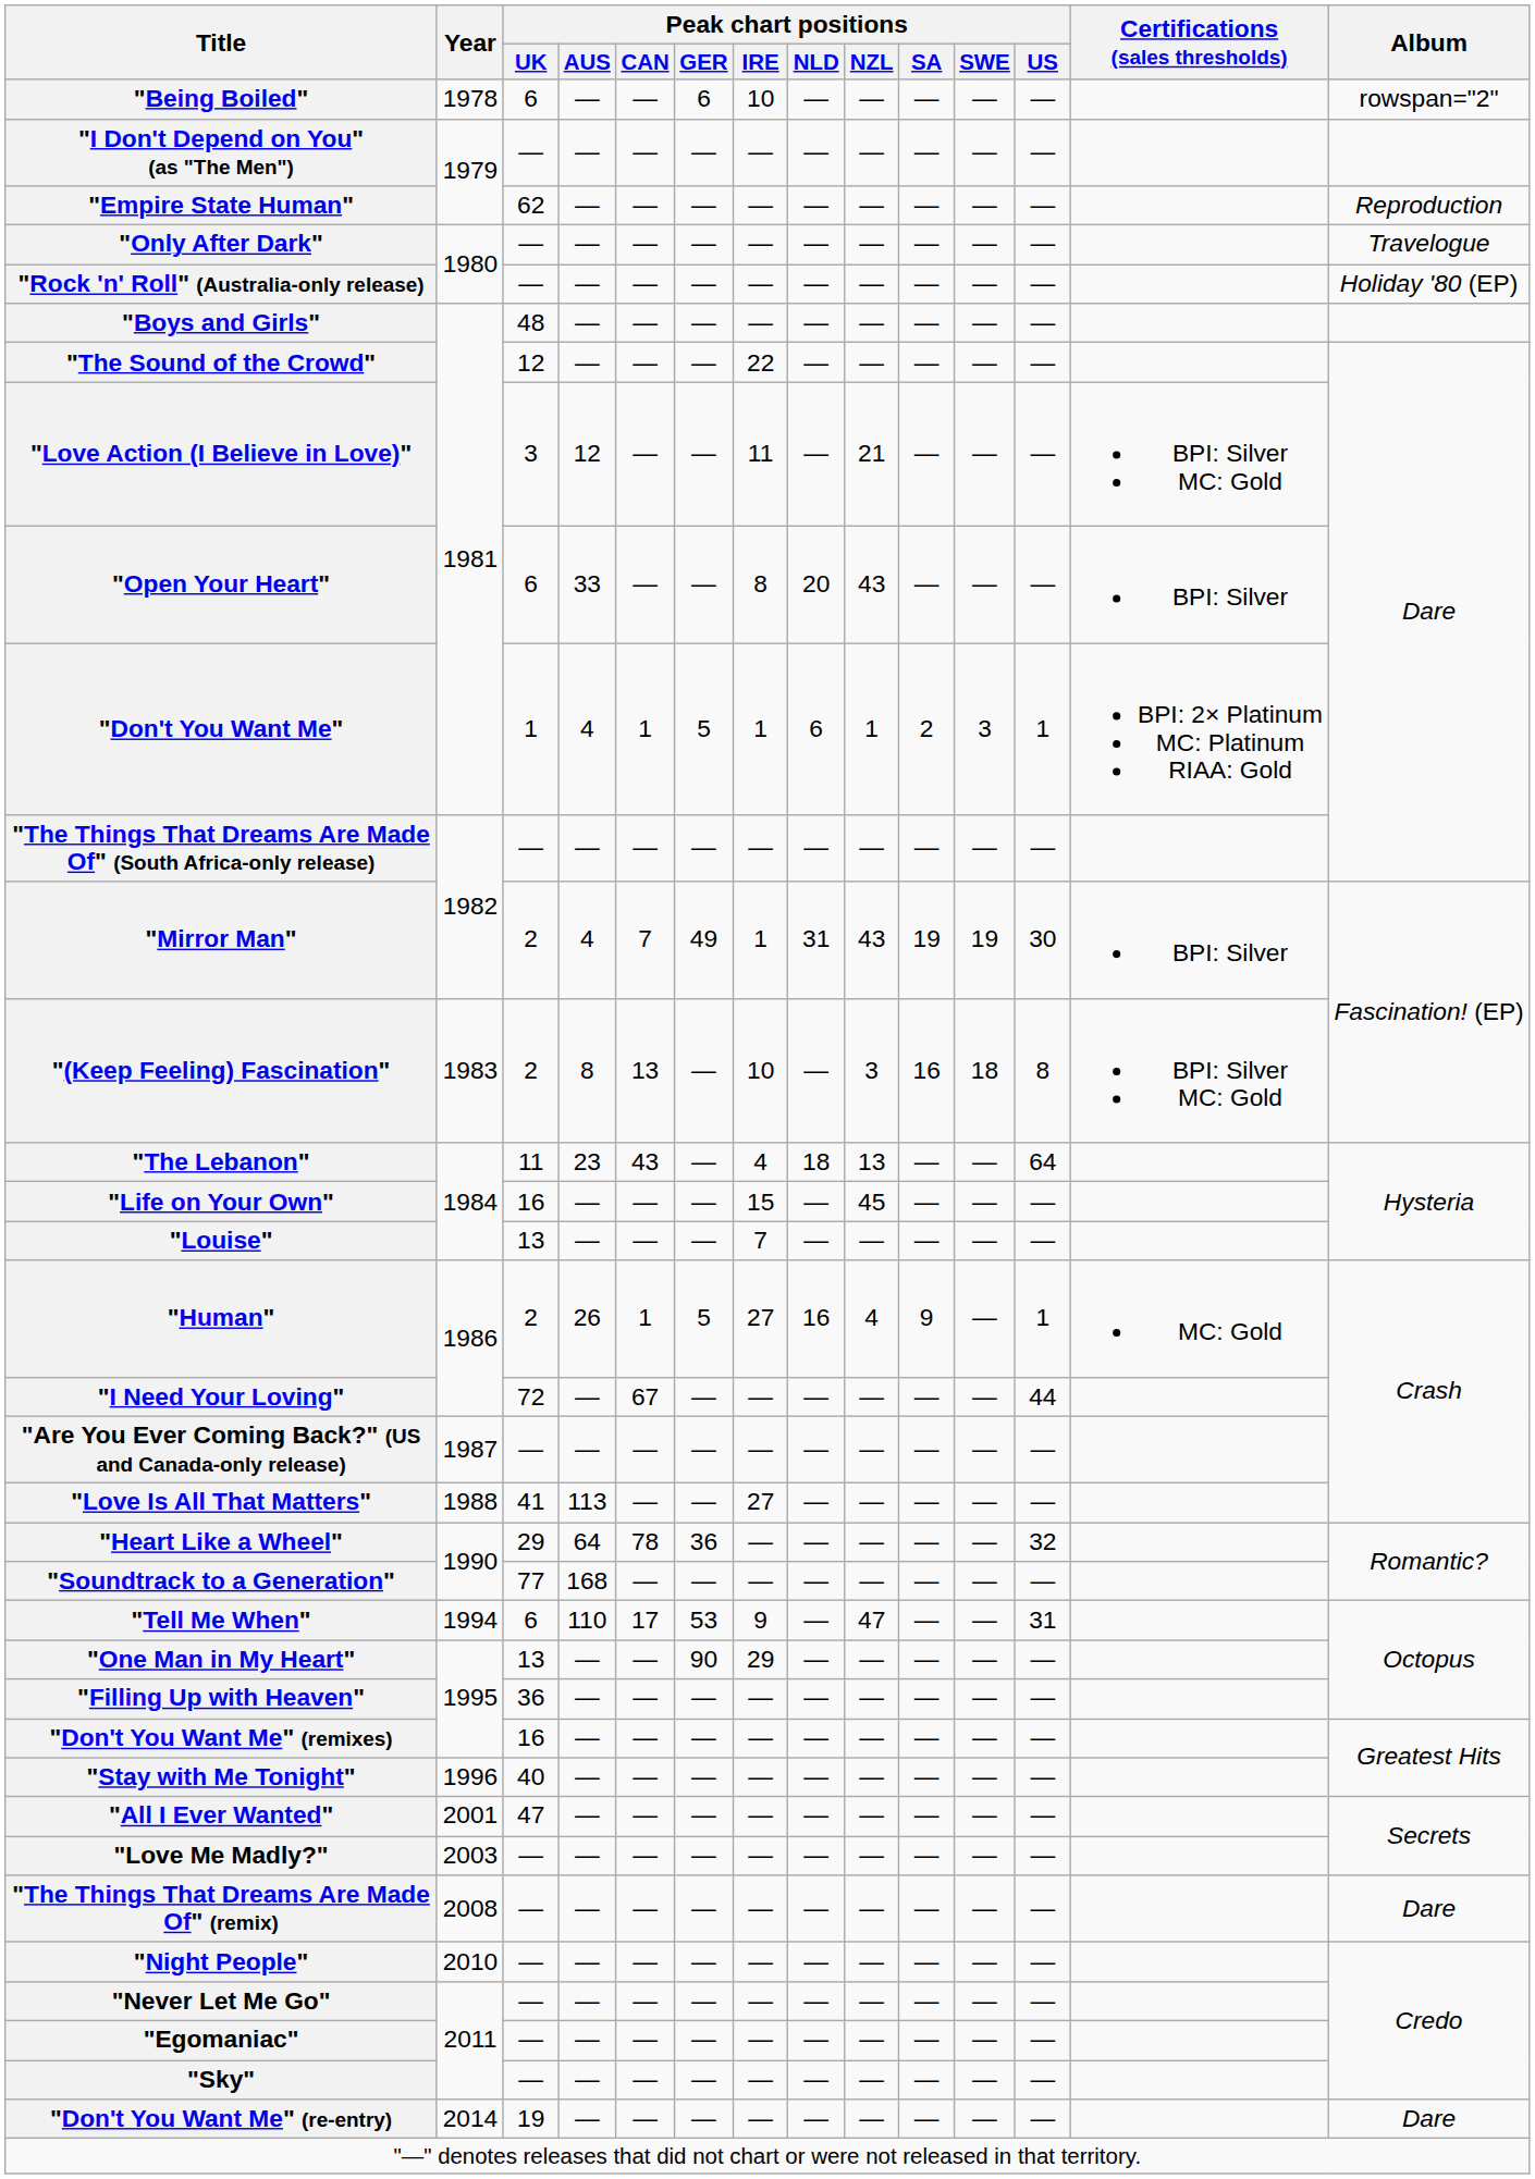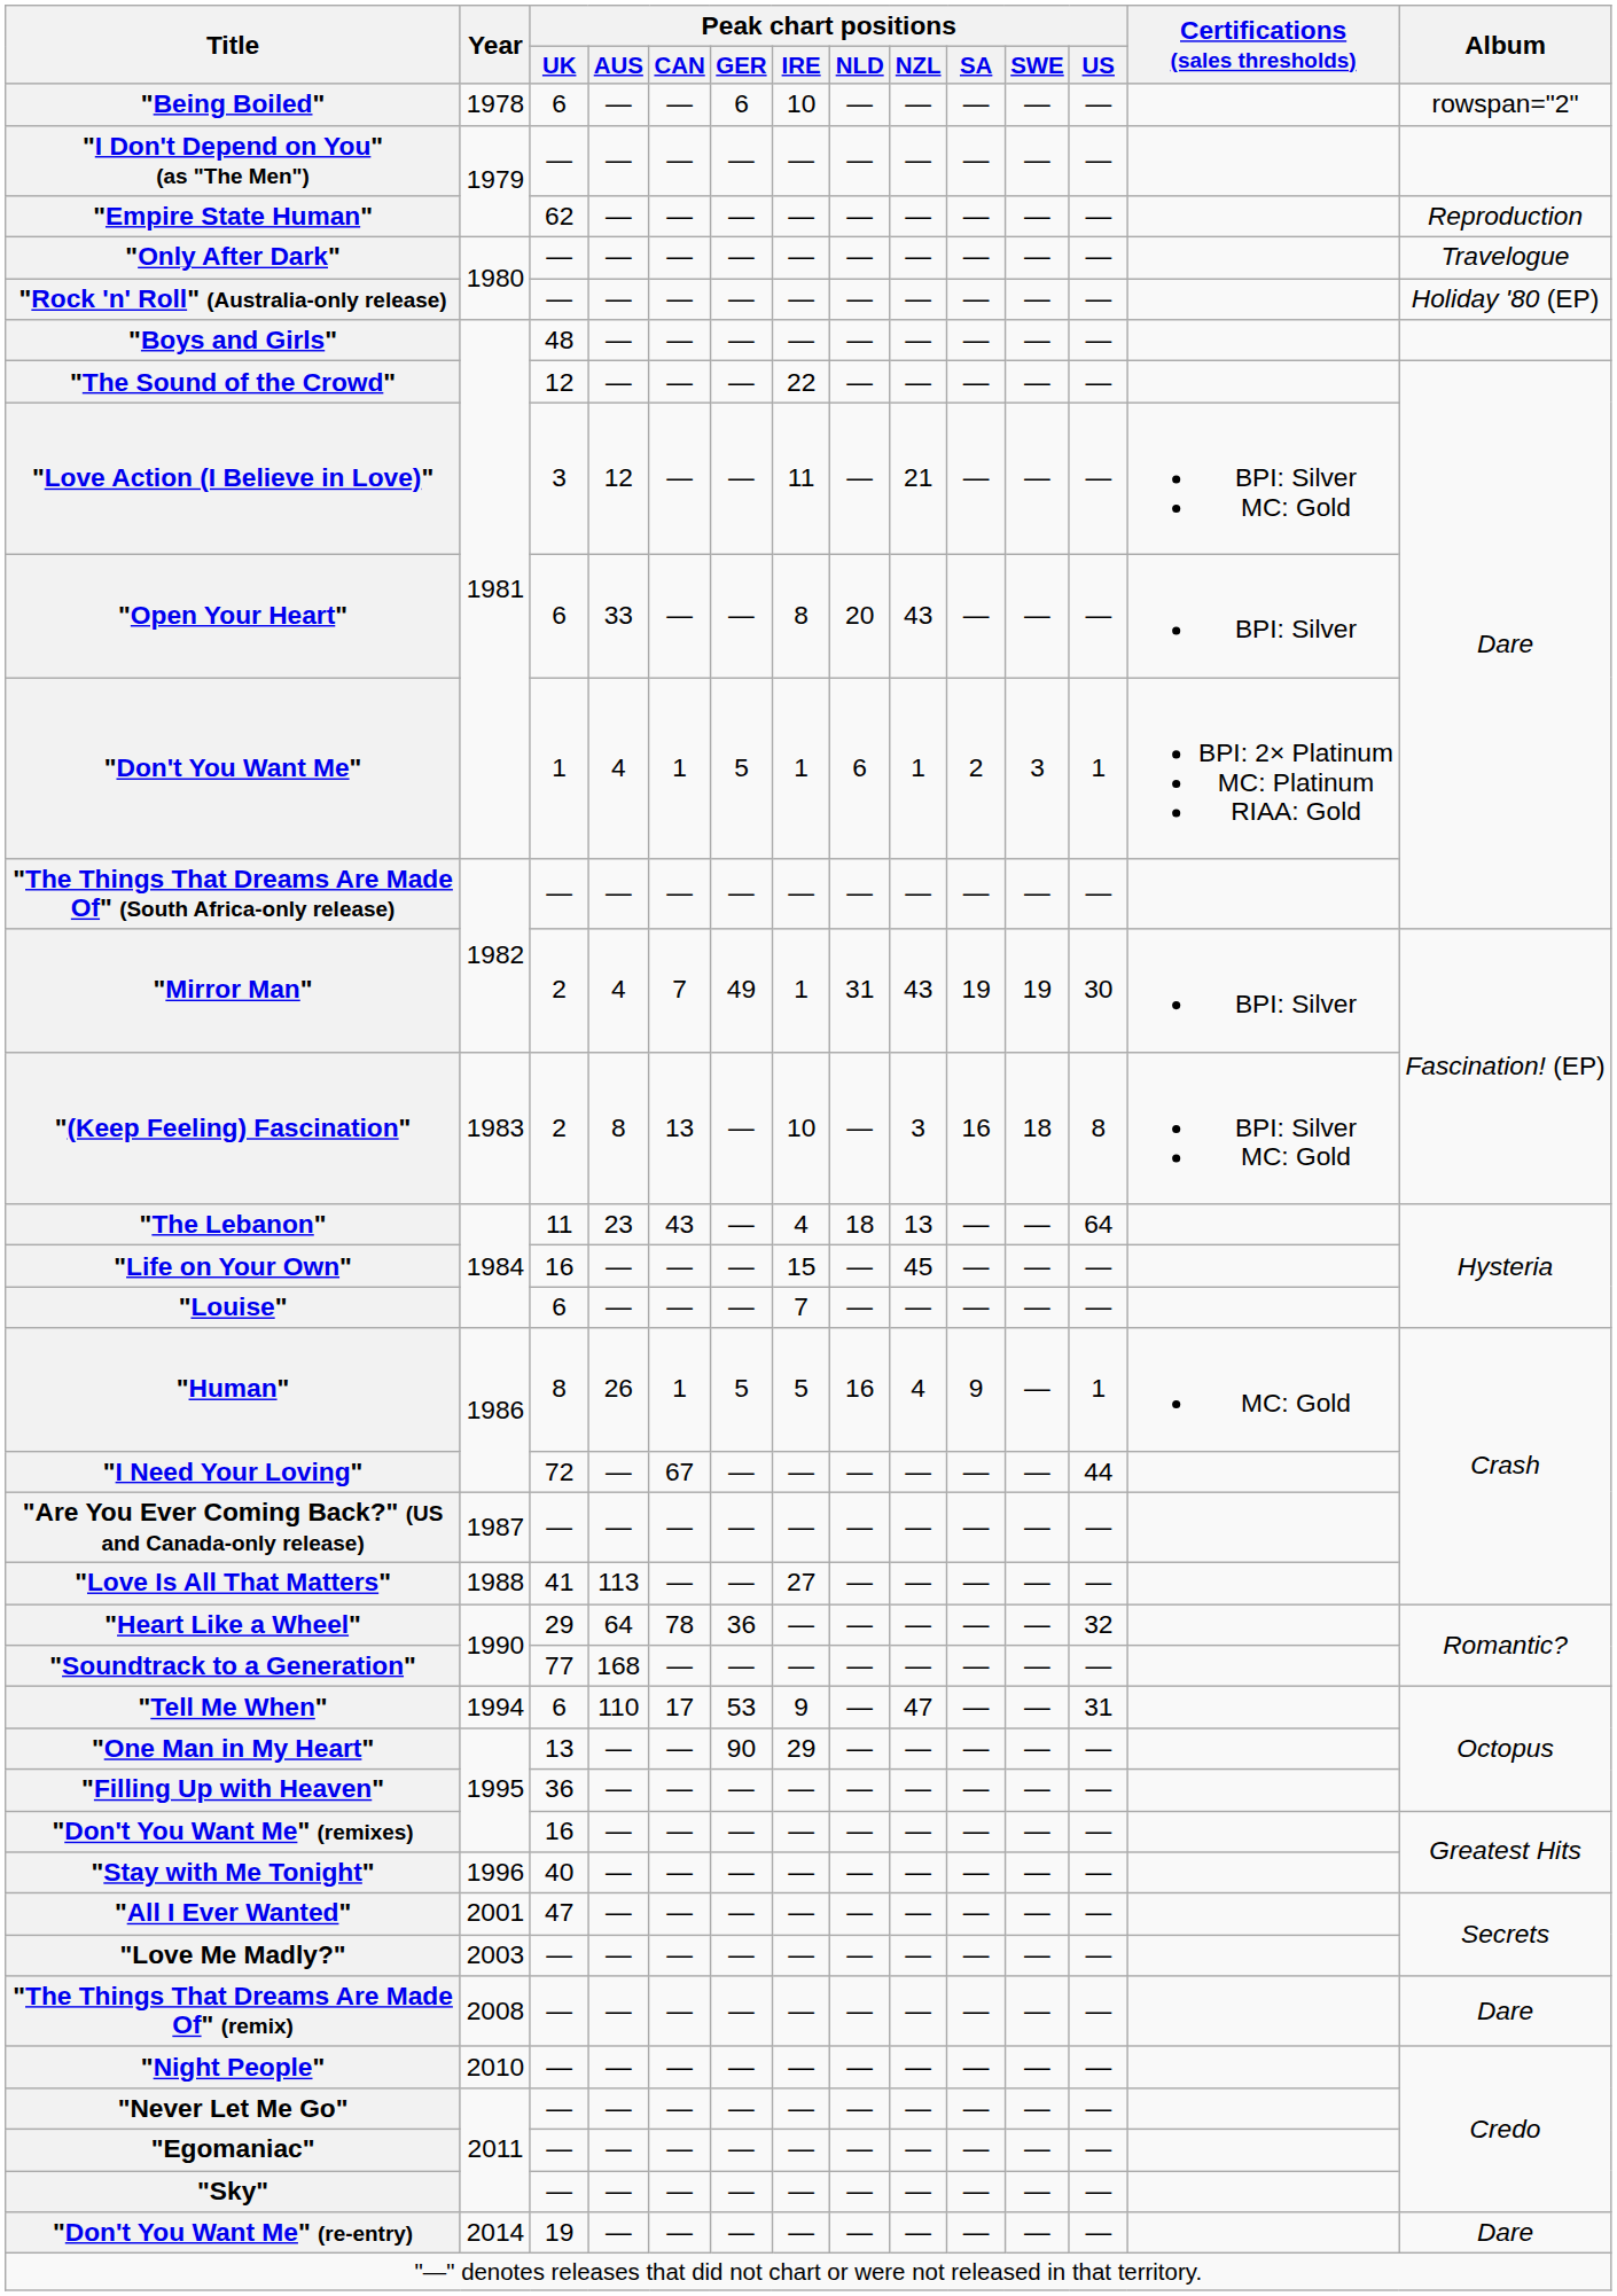 <table class="wikitable plainrowheaders" style="text-align:center;">
 <tr>
 <th rowspan="2" scope="col" style="width:17em;">Title</th>
 <th rowspan="2" scope="col" style="width:2em;">Year</th>
 <th colspan="10">Peak chart positions</th>
 <th rowspan="2"><a href='#'>Certifications</a><br><small><a href='#'>(sales thresholds)</a></small></th>
 <th rowspan="2">Album</th>
 </tr>
 <tr>
 <th scope="col" style="width:2em;font-size:90%;"><a href='#'>UK</a><br></th>
 <th scope="col" style="width:2em;font-size:90%;"><a href='#'>AUS</a><br></th>
 <th scope="col" style="width:2em;font-size:90%;"><a href='#'>CAN</a><br></th>
 <th scope="col" style="width:2em;font-size:90%;"><a href='#'>GER</a><br></th>
 <th scope="col" style="width:2em;font-size:90%;"><a href='#'>IRE</a><br></th>
 <th scope="col" style="width:2em;font-size:90%;"><a href='#'>NLD</a><br></th>
 <th scope="col" style="width:2em;font-size:90%;"><a href='#'>NZL</a><br></th>
 <th scope="col" style="width:2em;font-size:90%;"><a href='#'>SA</a><br></th>
 <th scope="col" style="width:2em;font-size:90%;"><a href='#'>SWE</a><br></th>
 <th scope="col" style="width:2em;font-size:90%;"><a href='#'>US</a><br></th>
 </tr>
 <tr>
 <th scope="row">"<a href='#'>Being Boiled</a>" </th>
 <td>1978</td>
 <td>6</td>
 <td>—</td>
 <td>—</td>
 <td>6</td>
 <td>10</td>
 <td>—</td>
 <td>—</td>
 <td>—</td>
 <td>—</td>
 <td>—</td>
 <td></td>
 <td>rowspan="2" </td>
 </tr>
 <tr>
 <th scope="row">"<a href='#'>I Don't Depend on You</a>"<br><small>(as "The Men")</small></th>
 <td rowspan="2">1979</td>
 <td>—</td>
 <td>—</td>
 <td>—</td>
 <td>—</td>
 <td>—</td>
 <td>—</td>
 <td>—</td>
 <td>—</td>
 <td>—</td>
 <td>—</td>
 <td></td>
 </tr>
 <tr>
 <th scope="row">"<a href='#'>Empire State Human</a>" </th>
 <td>62</td>
 <td>—</td>
 <td>—</td>
 <td>—</td>
 <td>—</td>
 <td>—</td>
 <td>—</td>
 <td>—</td>
 <td>—</td>
 <td>—</td>
 <td></td>
 <td><em>Reproduction</em></td>
 </tr>
 <tr>
 <th scope="row">"<a href='#'>Only After Dark</a>"</th>
 <td rowspan="2">1980</td>
 <td>—</td>
 <td>—</td>
 <td>—</td>
 <td>—</td>
 <td>—</td>
 <td>—</td>
 <td>—</td>
 <td>—</td>
 <td>—</td>
 <td>—</td>
 <td></td>
 <td><em>Travelogue</em></td>
 </tr>
 <tr>
 <th scope="row">"<a href='#'>Rock 'n' Roll</a>" <small>(Australia-only release)</small></th>
 <td>—</td>
 <td>—</td>
 <td>—</td>
 <td>—</td>
 <td>—</td>
 <td>—</td>
 <td>—</td>
 <td>—</td>
 <td>—</td>
 <td>—</td>
 <td></td>
 <td><em>Holiday '80</em> (EP)</td>
 </tr>
 <tr>
 <th scope="row">"<a href='#'>Boys and Girls</a>"</th>
 <td rowspan="5">1981</td>
 <td>48</td>
 <td>—</td>
 <td>—</td>
 <td>—</td>
 <td>—</td>
 <td>—</td>
 <td>—</td>
 <td>—</td>
 <td>—</td>
 <td>—</td>
 <td></td>
 <td></td>
 </tr>
 <tr>
 <th scope="row">"<a href='#'>The Sound of the Crowd</a>"</th>
 <td>12</td>
 <td>—</td>
 <td>—</td>
 <td>—</td>
 <td>22</td>
 <td>—</td>
 <td>—</td>
 <td>—</td>
 <td>—</td>
 <td>—</td>
 <td></td>
 <td rowspan="5"><em>Dare</em></td>
 </tr>
 <tr>
 <th scope="row">"<a href='#'>Love Action (I Believe in Love)</a>"</th>
 <td>3</td>
 <td>12</td>
 <td>—</td>
 <td>—</td>
 <td>11</td>
 <td>—</td>
 <td>21</td>
 <td>—</td>
 <td>—</td>
 <td>—</td>
 <td><br><ul><li>BPI: Silver</li><li>MC: Gold</li></ul></td>
 </tr>
 <tr>
 <th scope="row">"<a href='#'>Open Your Heart</a>"</th>
 <td>6</td>
 <td>33</td>
 <td>—</td>
 <td>—</td>
 <td>8</td>
 <td>20</td>
 <td>43</td>
 <td>—</td>
 <td>—</td>
 <td>—</td>
 <td><br><ul><li>BPI: Silver</li></ul></td>
 </tr>
 <tr>
 <th scope="row">"<a href='#'>Don't You Want Me</a>"</th>
 <td>1</td>
 <td>4</td>
 <td>1</td>
 <td>5</td>
 <td>1</td>
 <td>6</td>
 <td>1</td>
 <td>2</td>
 <td>3</td>
 <td>1</td>
 <td><br><ul><li>BPI: 2× Platinum</li><li>MC: Platinum</li><li>RIAA: Gold</li></ul></td>
 </tr>
 <tr>
 <th scope="row">"<a href='#'>The Things That Dreams Are Made Of</a>" <small>(South Africa-only release)</small></th>
 <td rowspan="2">1982</td>
 <td>—</td>
 <td>—</td>
 <td>—</td>
 <td>—</td>
 <td>—</td>
 <td>—</td>
 <td>—</td>
 <td>—</td>
 <td>—</td>
 <td>—</td>
 <td></td>
 </tr>
 <tr>
 <th scope="row">"<a href='#'>Mirror Man</a>"</th>
 <td>2</td>
 <td>4</td>
 <td>7</td>
 <td>49</td>
 <td>1</td>
 <td>31</td>
 <td>43</td>
 <td>19</td>
 <td>19</td>
 <td>30</td>
 <td><br><ul><li>BPI: Silver</li></ul></td>
 <td rowspan="2"><em>Fascination!</em> (EP)</td>
 </tr>
 <tr>
 <th scope="row">"<a href='#'>(Keep Feeling) Fascination</a>"</th>
 <td>1983</td>
 <td>2</td>
 <td>8</td>
 <td>13</td>
 <td>—</td>
 <td>10</td>
 <td>—</td>
 <td>3</td>
 <td>16</td>
 <td>18</td>
 <td>8</td>
 <td><br><ul><li>BPI: Silver</li><li>MC: Gold</li></ul></td>
 </tr>
 <tr>
 <th scope="row">"<a href='#'>The Lebanon</a>"</th>
 <td rowspan="3">1984</td>
 <td>11</td>
 <td>23</td>
 <td>43</td>
 <td>—</td>
 <td>4</td>
 <td>18</td>
 <td>13</td>
 <td>—</td>
 <td>—</td>
 <td>64</td>
 <td></td>
 <td rowspan="3"><em>Hysteria</em></td>
 </tr>
 <tr>
 <th scope="row">"<a href='#'>Life on Your Own</a>"</th>
 <td>16</td>
 <td>—</td>
 <td>—</td>
 <td>—</td>
 <td>15</td>
 <td>—</td>
 <td>45</td>
 <td>—</td>
 <td>—</td>
 <td>—</td>
 <td></td>
 </tr>
 <tr>
 <th scope="row">"<a href='#'>Louise</a>"</th>
-<td>13</td>
+<td>6</td>
 <td>—</td>
 <td>—</td>
 <td>—</td>
 <td>7</td>
 <td>—</td>
 <td>—</td>
 <td>—</td>
 <td>—</td>
 <td>—</td>
 <td></td>
 </tr>
 <tr>
 <th scope="row">"<a href='#'>Human</a>"</th>
 <td rowspan="2">1986</td>
-<td>2</td>
+<td>8</td>
 <td>26</td>
 <td>1</td>
 <td>5</td>
-<td>27</td>
+<td>5</td>
 <td>16</td>
 <td>4</td>
 <td>9</td>
 <td>—</td>
 <td>1</td>
 <td><br><ul><li>MC: Gold</li></ul></td>
 <td rowspan="4"><em>Crash</em></td>
 </tr>
 <tr>
 <th scope="row">"<a href='#'>I Need Your Loving</a>"</th>
 <td>72</td>
 <td>—</td>
 <td>67</td>
 <td>—</td>
 <td>—</td>
 <td>—</td>
 <td>—</td>
 <td>—</td>
 <td>—</td>
 <td>44</td>
 <td></td>
 </tr>
 <tr>
 <th scope="row">"Are You Ever Coming Back?" <small>(US and Canada-only release)</small></th>
 <td>1987</td>
 <td>—</td>
 <td>—</td>
 <td>—</td>
 <td>—</td>
 <td>—</td>
 <td>—</td>
 <td>—</td>
 <td>—</td>
 <td>—</td>
 <td>—</td>
 <td></td>
 </tr>
 <tr>
 <th scope="row">"<a href='#'>Love Is All That Matters</a>"</th>
 <td>1988</td>
 <td>41</td>
 <td>113</td>
 <td>—</td>
 <td>—</td>
 <td>27</td>
 <td>—</td>
 <td>—</td>
 <td>—</td>
 <td>—</td>
 <td>—</td>
 <td></td>
 </tr>
 <tr>
 <th scope="row">"<a href='#'>Heart Like a Wheel</a>"</th>
 <td rowspan="2">1990</td>
 <td>29</td>
 <td>64</td>
 <td>78</td>
 <td>36</td>
 <td>—</td>
 <td>—</td>
 <td>—</td>
 <td>—</td>
 <td>—</td>
 <td>32</td>
 <td></td>
 <td rowspan="2"><em>Romantic?</em></td>
 </tr>
 <tr>
 <th scope="row">"<a href='#'>Soundtrack to a Generation</a>"</th>
 <td>77</td>
 <td>168</td>
 <td>—</td>
 <td>—</td>
 <td>—</td>
 <td>—</td>
 <td>—</td>
 <td>—</td>
 <td>—</td>
 <td>—</td>
 <td></td>
 </tr>
 <tr>
 <th scope="row">"<a href='#'>Tell Me When</a>"</th>
 <td>1994</td>
 <td>6</td>
 <td>110</td>
 <td>17</td>
 <td>53</td>
 <td>9</td>
 <td>—</td>
 <td>47</td>
 <td>—</td>
 <td>—</td>
 <td>31</td>
 <td></td>
 <td rowspan="3"><em>Octopus</em></td>
 </tr>
 <tr>
 <th scope="row">"<a href='#'>One Man in My Heart</a>"</th>
 <td rowspan="3">1995</td>
 <td>13</td>
 <td>—</td>
 <td>—</td>
 <td>90</td>
 <td>29</td>
 <td>—</td>
 <td>—</td>
 <td>—</td>
 <td>—</td>
 <td>—</td>
 <td></td>
 </tr>
 <tr>
 <th scope="row">"<a href='#'>Filling Up with Heaven</a>"</th>
 <td>36</td>
 <td>—</td>
 <td>—</td>
 <td>—</td>
 <td>—</td>
 <td>—</td>
 <td>—</td>
 <td>—</td>
 <td>—</td>
 <td>—</td>
 <td></td>
 </tr>
 <tr>
 <th scope="row">"<a href='#'>Don't You Want Me</a>" <small>(remixes)</small></th>
 <td>16</td>
 <td>—</td>
 <td>—</td>
 <td>—</td>
 <td>—</td>
 <td>—</td>
 <td>—</td>
 <td>—</td>
 <td>—</td>
 <td>—</td>
 <td></td>
 <td rowspan="2"><em>Greatest Hits</em></td>
 </tr>
 <tr>
 <th scope="row">"<a href='#'>Stay with Me Tonight</a>"</th>
 <td>1996</td>
 <td>40</td>
 <td>—</td>
 <td>—</td>
 <td>—</td>
 <td>—</td>
 <td>—</td>
 <td>—</td>
 <td>—</td>
 <td>—</td>
 <td>—</td>
 <td></td>
 </tr>
 <tr>
 <th scope="row">"<a href='#'>All I Ever Wanted</a>"</th>
 <td>2001</td>
 <td>47</td>
 <td>—</td>
 <td>—</td>
 <td>—</td>
 <td>—</td>
 <td>—</td>
 <td>—</td>
 <td>—</td>
 <td>—</td>
 <td>—</td>
 <td></td>
 <td rowspan="2"><em>Secrets</em></td>
 </tr>
 <tr>
 <th scope="row">"Love Me Madly?"</th>
 <td>2003</td>
 <td>—</td>
 <td>—</td>
 <td>—</td>
 <td>—</td>
 <td>—</td>
 <td>—</td>
 <td>—</td>
 <td>—</td>
 <td>—</td>
 <td>—</td>
 <td></td>
 </tr>
 <tr>
 <th scope="row">"<a href='#'>The Things That Dreams Are Made Of</a>" <small>(remix)</small></th>
 <td>2008</td>
 <td>—</td>
 <td>—</td>
 <td>—</td>
 <td>—</td>
 <td>—</td>
 <td>—</td>
 <td>—</td>
 <td>—</td>
 <td>—</td>
 <td>—</td>
 <td></td>
 <td><em>Dare</em></td>
 </tr>
 <tr>
 <th scope="row">"<a href='#'>Night People</a>"</th>
 <td>2010</td>
 <td>—</td>
 <td>—</td>
 <td>—</td>
 <td>—</td>
 <td>—</td>
 <td>—</td>
 <td>—</td>
 <td>—</td>
 <td>—</td>
 <td>—</td>
 <td></td>
 <td rowspan="4"><em>Credo</em></td>
 </tr>
 <tr>
 <th scope="row">"Never Let Me Go"</th>
 <td rowspan="3">2011</td>
 <td>—</td>
 <td>—</td>
 <td>—</td>
 <td>—</td>
 <td>—</td>
 <td>—</td>
 <td>—</td>
 <td>—</td>
 <td>—</td>
 <td>—</td>
 <td></td>
 </tr>
 <tr>
 <th scope="row">"Egomaniac"</th>
 <td>—</td>
 <td>—</td>
 <td>—</td>
 <td>—</td>
 <td>—</td>
 <td>—</td>
 <td>—</td>
 <td>—</td>
 <td>—</td>
 <td>—</td>
 <td></td>
 </tr>
 <tr>
 <th scope="row">"Sky"</th>
 <td>—</td>
 <td>—</td>
 <td>—</td>
 <td>—</td>
 <td>—</td>
 <td>—</td>
 <td>—</td>
 <td>—</td>
 <td>—</td>
 <td>—</td>
 <td></td>
 </tr>
 <tr>
 <th scope="row">"<a href='#'>Don't You Want Me</a>" <small>(re-entry)</small></th>
 <td>2014</td>
 <td>19</td>
 <td>—</td>
 <td>—</td>
 <td>—</td>
 <td>—</td>
 <td>—</td>
 <td>—</td>
 <td>—</td>
 <td>—</td>
 <td>—</td>
 <td></td>
 <td><em>Dare</em></td>
 </tr>
 <tr>
 <td colspan="14" style="font-size:90%">"—" denotes releases that did not chart or were not released in that territory.</td>
 </tr>
 </table>
